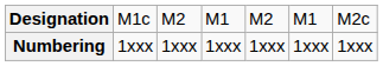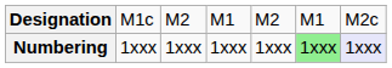 <table class="wikitable">
 <tr>
 <th>Designation</th>
 <td>M1c</td>
 <td>M2</td>
 <td>M1</td>
 <td>M2</td>
 <td>M1</td>
 <td>M2c</td>
 </tr>
 <tr>
 <th>Numbering</th>
 <td>1xxx</td>
 <td>1xxx</td>
 <td>1xxx</td>
 <td>1xxx</td>
-<td>1xxx</td>
-<td>1xxx</td>
+<td style="background: lightgreen;">1xxx</td>
+<td style="background: lavender;">1xxx</td>
 </tr>
 </table>
